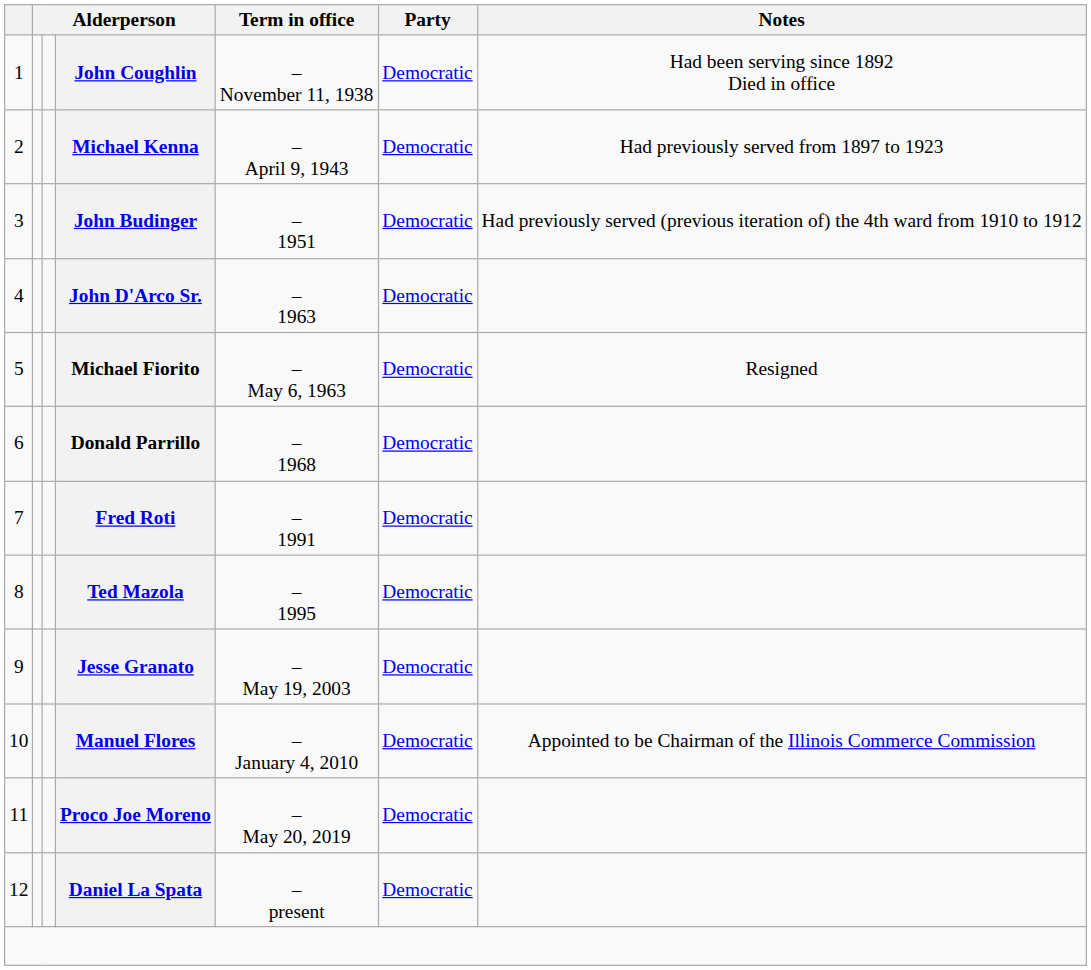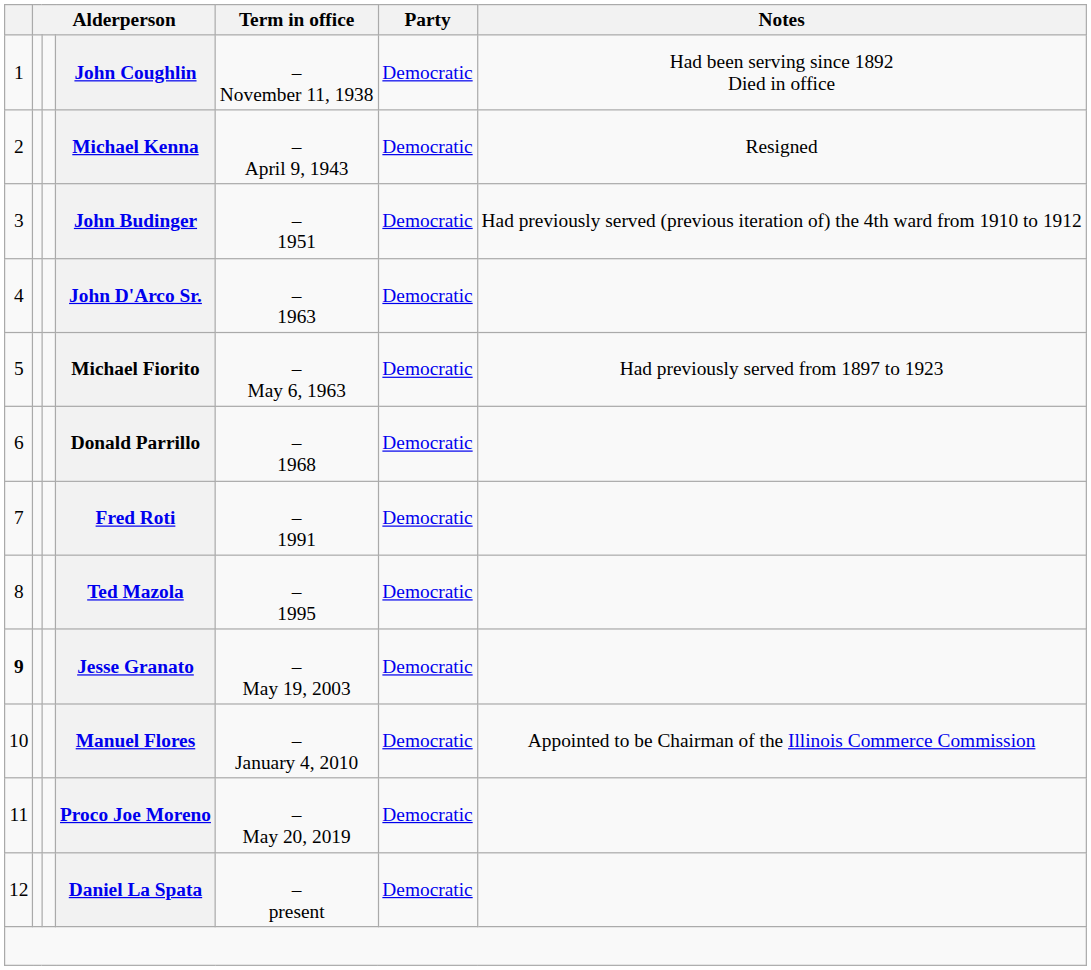 <table class="wikitable sortable" style="text-align:center;">
 <tr>
 <th scope="col"></th>
 <th scope="col" colspan="3">Alderperson</th>
 <th scope="col">Term in office</th>
 <th scope="col">Party</th>
 <th scope="col">Notes</th>
 </tr>
 <tr style="height:2em;">
 <td>1</td>
 <td></td>
 <td> </td>
 <th scope="row"><a href='#'>John Coughlin</a></th>
 <td><br>–<br>November 11, 1938</td>
 <td><a href='#'>Democratic</a></td>
 <td>Had been serving since 1892  <br> Died in office</td>
 </tr>
 <tr style="height:2em;">
 <td>2</td>
 <td></td>
 <td> </td>
 <th scope="row"><a href='#'>Michael Kenna</a></th>
 <td><br>–<br>April 9, 1943</td>
 <td><a href='#'>Democratic</a></td>
-<td>Had previously served from 1897 to 1923</td>
+<td>Resigned</td>
 </tr>
 <tr style="height:2em;">
 <td>3</td>
 <td></td>
 <td> </td>
 <th scope="row"><a href='#'>John Budinger</a></th>
 <td><br>–<br>1951</td>
 <td><a href='#'>Democratic</a></td>
 <td>Had previously served (previous iteration of) the 4th ward from 1910 to 1912</td>
 </tr>
 <tr style="height:2em;">
 <td>4</td>
 <td></td>
 <td> </td>
 <th scope="row"><a href='#'>John D'Arco Sr.</a></th>
 <td><br>–<br>1963</td>
 <td><a href='#'>Democratic</a></td>
 <td></td>
 </tr>
 <tr style="height:2em;">
 <td>5</td>
 <td></td>
 <td> </td>
 <th scope="row">Michael Fiorito</th>
 <td><br>–<br>May 6, 1963</td>
 <td><a href='#'>Democratic</a></td>
-<td>Resigned</td>
+<td>Had previously served from 1897 to 1923</td>
 </tr>
 <tr style="height:2em;">
 <td>6</td>
 <td></td>
 <td> </td>
 <th scope="row">Donald Parrillo</th>
 <td><br>–<br>1968</td>
 <td><a href='#'>Democratic</a></td>
 <td></td>
 </tr>
 <tr style="height:2em;">
 <td>7</td>
 <td></td>
 <td> </td>
 <th scope="row"><a href='#'>Fred Roti</a></th>
 <td><br>–<br>1991</td>
 <td><a href='#'>Democratic</a></td>
 <td></td>
 </tr>
 <tr style="height:2em;">
 <td>8</td>
 <td></td>
 <td> </td>
 <th scope="row"><a href='#'>Ted Mazola</a></th>
 <td><br>–<br>1995</td>
 <td><a href='#'>Democratic</a></td>
 <td></td>
 </tr>
 <tr style="height:2em;">
-<td>9</td>
+<td><strong>9</strong></td>
 <td></td>
 <td> </td>
 <th scope="row"><a href='#'>Jesse Granato</a></th>
 <td><br>–<br>May 19, 2003</td>
 <td><a href='#'>Democratic</a></td>
 <td></td>
 </tr>
 <tr style="height:2em;">
 <td>10</td>
 <td></td>
 <td> </td>
 <th scope="row"><a href='#'>Manuel Flores</a></th>
 <td><br>–<br>January 4, 2010</td>
 <td><a href='#'>Democratic</a></td>
 <td>Appointed to be Chairman of the <a href='#'>Illinois Commerce Commission</a></td>
 </tr>
 <tr style="height:2em;">
 <td>11</td>
 <td></td>
 <td> </td>
 <th scope="row"><a href='#'>Proco Joe Moreno</a></th>
 <td><br>–<br>May 20, 2019</td>
 <td><a href='#'>Democratic</a></td>
 <td></td>
 </tr>
 <tr style="height:2em;">
 <td>12</td>
 <td></td>
 <td> </td>
 <th scope="row"><a href='#'>Daniel La Spata</a></th>
 <td><br>–<br>present</td>
 <td><a href='#'>Democratic</a></td>
 <td></td>
 </tr>
 <tr style="height:2em;">
 </tr>
 </table>
